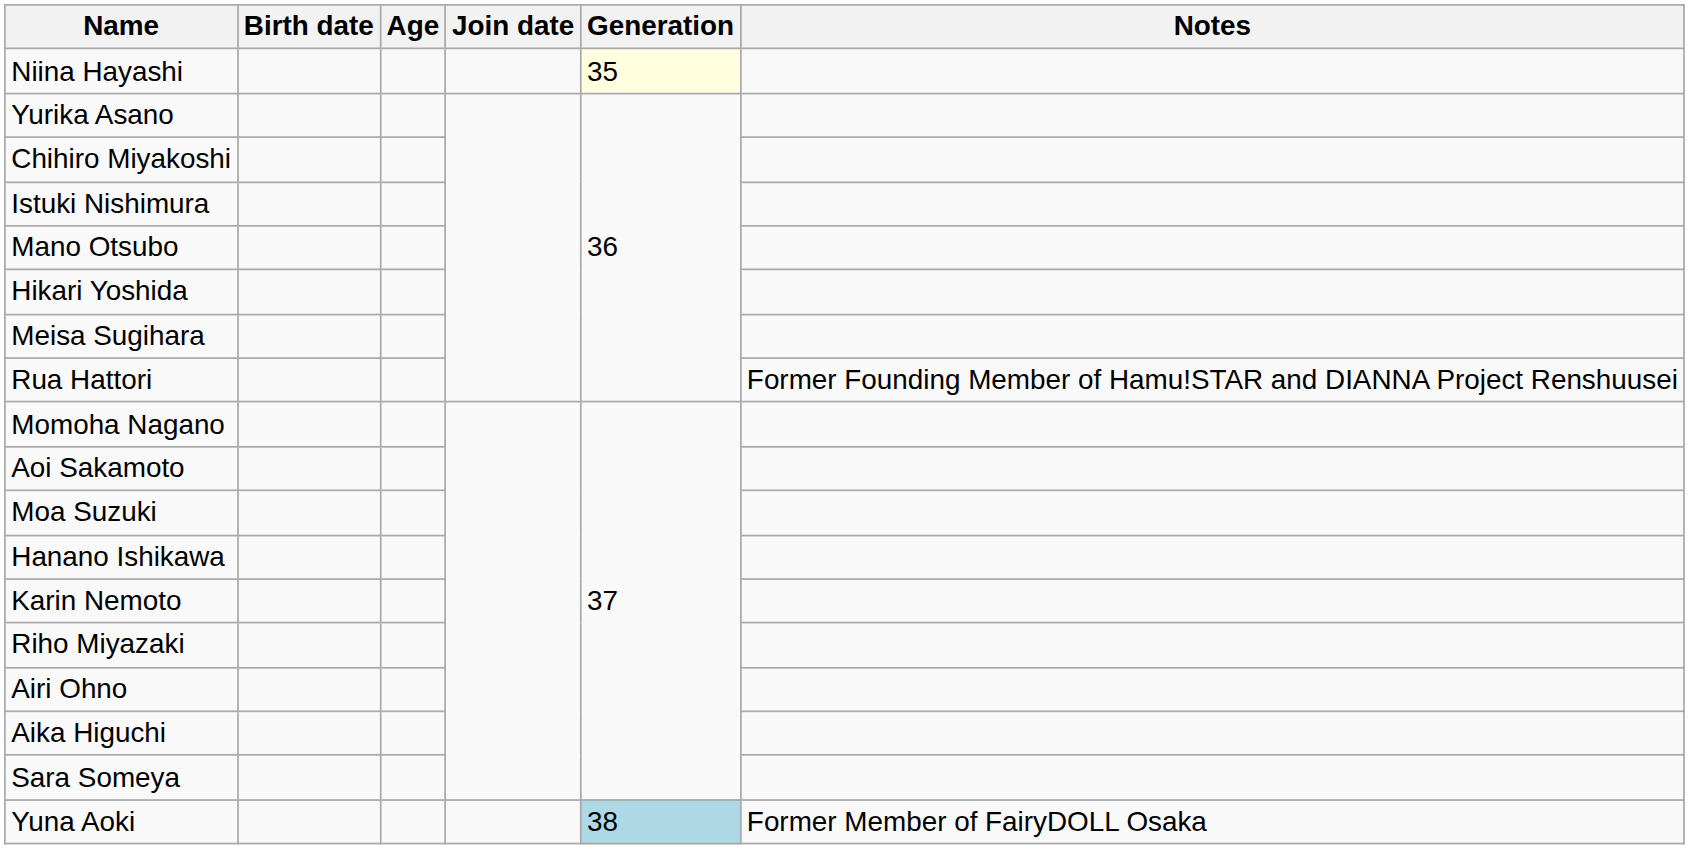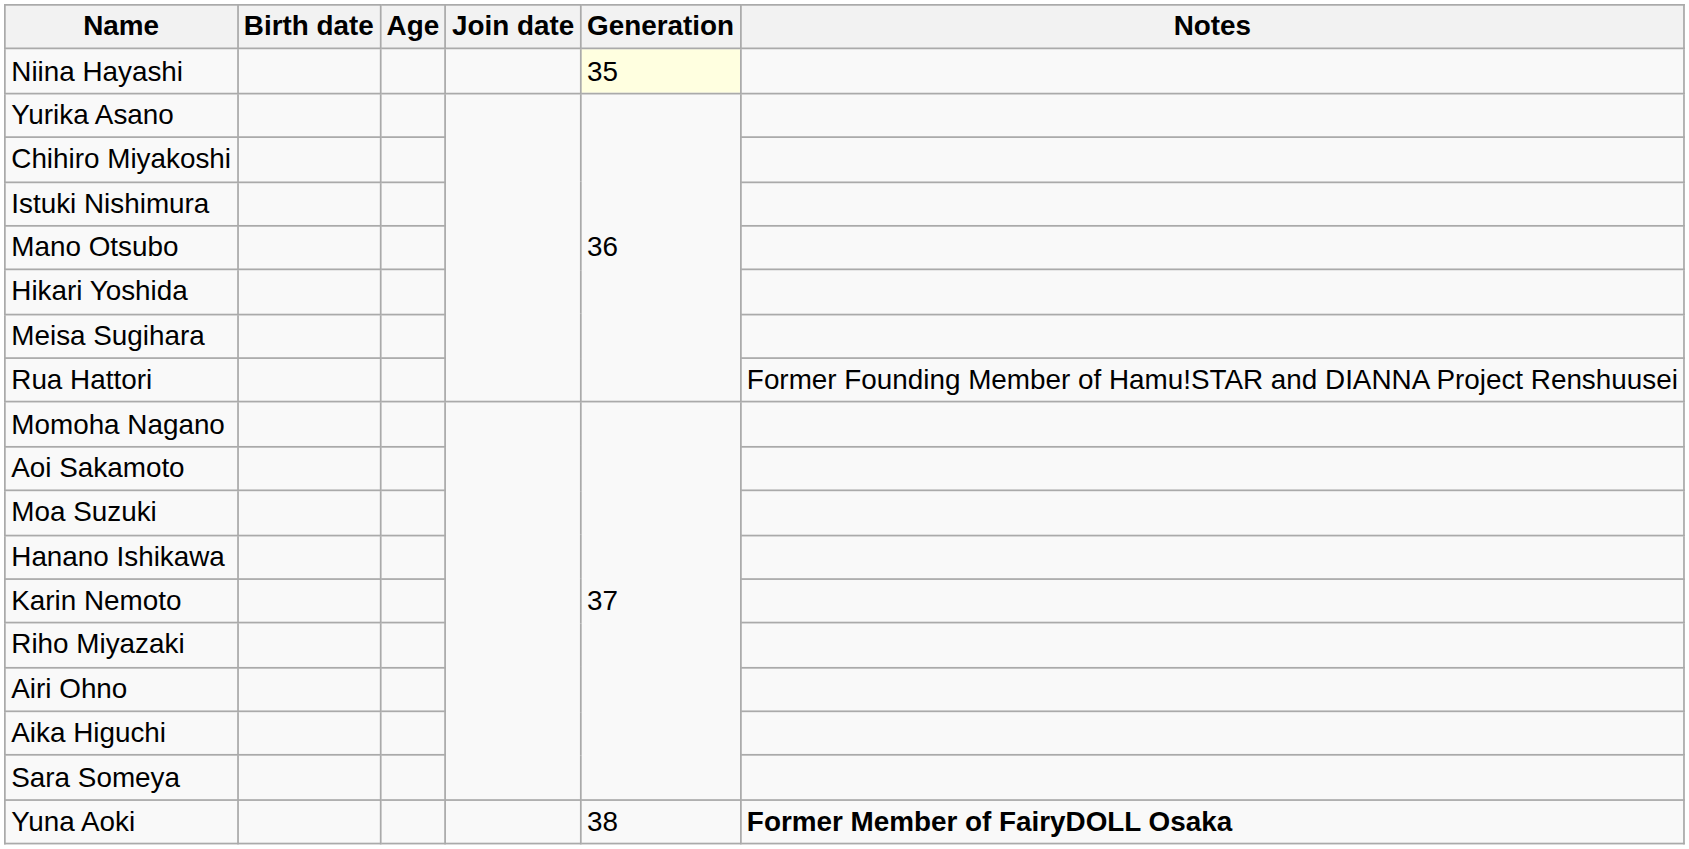 <table class="wikitable">
 <tr>
 <th>Name</th>
 <th>Birth date</th>
 <th>Age</th>
 <th>Join date</th>
 <th>Generation</th>
 <th>Notes</th>
 </tr>
 <tr>
 <td>Niina Hayashi</td>
 <td></td>
 <td></td>
 <td></td>
 <td style="background: lightyellow;">35</td>
 <td></td>
 </tr>
 <tr>
 <td>Yurika Asano</td>
 <td></td>
 <td></td>
 <td rowspan="7"></td>
 <td rowspan="7">36</td>
 <td></td>
 </tr>
 <tr>
 <td>Chihiro Miyakoshi</td>
 <td></td>
 <td></td>
 <td></td>
 </tr>
 <tr>
 <td>Istuki Nishimura</td>
 <td></td>
 <td></td>
 <td></td>
 </tr>
 <tr>
 <td>Mano Otsubo</td>
 <td></td>
 <td></td>
 <td></td>
 </tr>
 <tr>
 <td>Hikari Yoshida</td>
 <td></td>
 <td></td>
 <td></td>
 </tr>
 <tr>
 <td>Meisa Sugihara</td>
 <td></td>
 <td></td>
 <td></td>
 </tr>
 <tr>
 <td>Rua Hattori</td>
 <td></td>
 <td></td>
 <td>Former Founding Member of Hamu!STAR and DIANNA Project Renshuusei</td>
 </tr>
 <tr>
 <td>Momoha Nagano</td>
 <td></td>
 <td></td>
 <td rowspan="9"></td>
 <td rowspan="9">37</td>
 <td></td>
 </tr>
 <tr>
 <td>Aoi Sakamoto</td>
 <td></td>
 <td></td>
 <td></td>
 </tr>
 <tr>
 <td>Moa Suzuki</td>
 <td></td>
 <td></td>
 <td></td>
 </tr>
 <tr>
 <td>Hanano Ishikawa</td>
 <td></td>
 <td></td>
 </tr>
 <tr>
 <td>Karin Nemoto</td>
 <td></td>
 <td></td>
 <td></td>
 </tr>
 <tr>
 <td>Riho Miyazaki</td>
 <td></td>
 <td></td>
 <td></td>
 </tr>
 <tr>
 <td>Airi Ohno</td>
 <td></td>
 <td></td>
 <td></td>
 </tr>
 <tr>
 <td>Aika Higuchi</td>
 <td></td>
 <td></td>
 <td></td>
 </tr>
 <tr>
 <td>Sara Someya</td>
 <td></td>
 <td></td>
 <td></td>
 </tr>
 <tr>
 <td>Yuna Aoki</td>
 <td></td>
 <td></td>
 <td></td>
-<td style="background: lightblue;">38</td>
-<td>Former Member of FairyDOLL Osaka</td>
+<td>38</td>
+<td><strong>Former Member of FairyDOLL Osaka</strong></td>
 </tr>
 </table>
